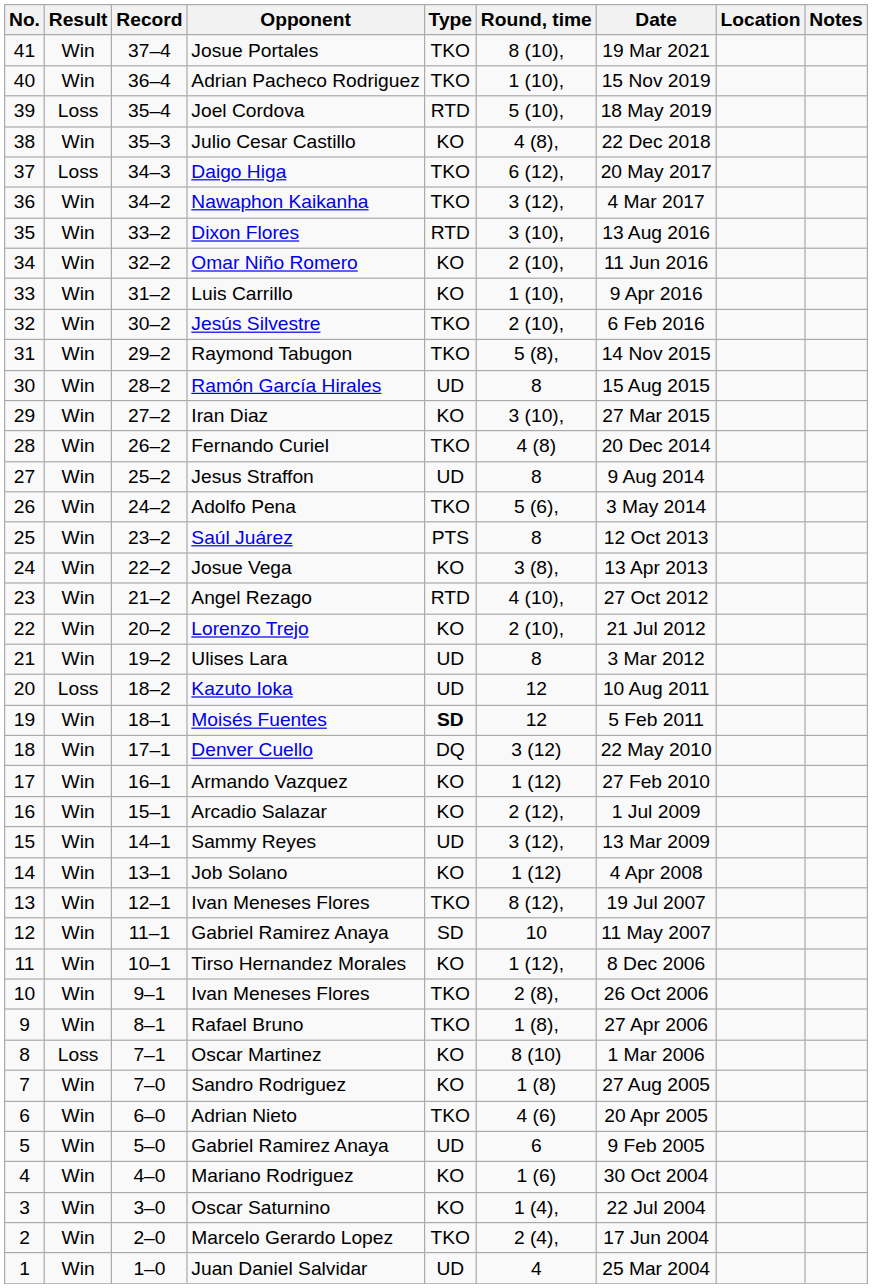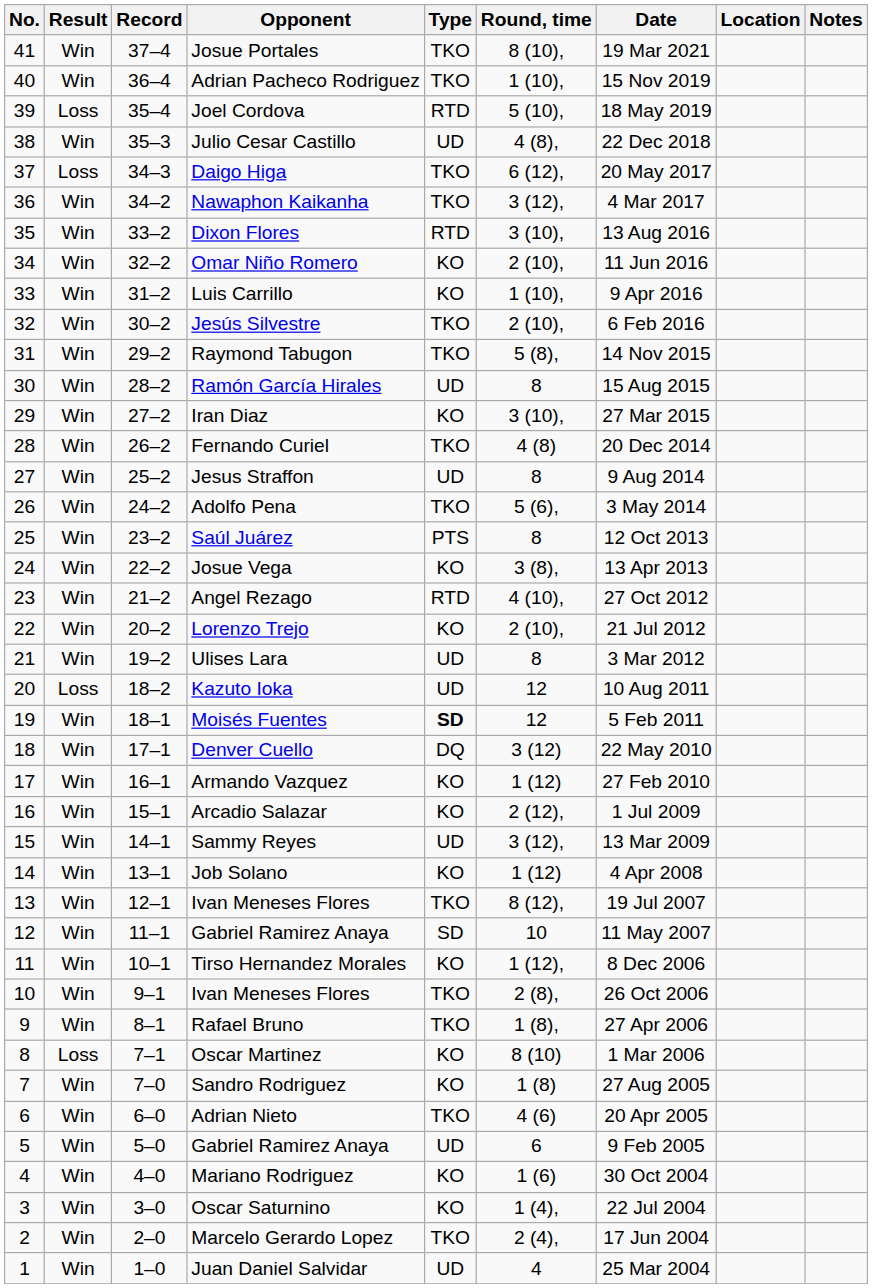 <table class="wikitable" style="text-align:center">
 <tr>
 <th>No.</th>
 <th>Result</th>
 <th>Record</th>
 <th>Opponent</th>
 <th>Type</th>
 <th>Round, time</th>
 <th>Date</th>
 <th>Location</th>
 <th>Notes</th>
 </tr>
 <tr>
 <td>41</td>
 <td>Win</td>
 <td>37–4</td>
 <td align=left>Josue Portales</td>
 <td>TKO</td>
 <td>8 (10), </td>
 <td>19 Mar 2021</td>
 <td align=left></td>
 <td align=left></td>
 </tr>
 <tr>
 <td>40</td>
 <td>Win</td>
 <td>36–4</td>
 <td align=left>Adrian Pacheco Rodriguez</td>
 <td>TKO</td>
 <td>1 (10), </td>
 <td>15 Nov 2019</td>
 <td align=left></td>
 <td align=left></td>
 </tr>
 <tr>
 <td>39</td>
 <td>Loss</td>
 <td>35–4</td>
 <td align=left>Joel Cordova</td>
 <td>RTD</td>
 <td>5 (10), </td>
 <td>18 May 2019</td>
 <td align=left></td>
 <td align=left></td>
 </tr>
 <tr>
 <td>38</td>
 <td>Win</td>
 <td>35–3</td>
 <td align=left>Julio Cesar Castillo</td>
-<td>KO</td>
+<td>UD</td>
 <td>4 (8), </td>
 <td>22 Dec 2018</td>
 <td align=left></td>
 <td align=left></td>
 </tr>
 <tr>
 <td>37</td>
 <td>Loss</td>
 <td>34–3</td>
 <td align=left><a href='#'>Daigo Higa</a></td>
 <td>TKO</td>
 <td>6 (12), </td>
 <td>20 May 2017</td>
 <td align=left></td>
 <td align=left></td>
 </tr>
 <tr>
 <td>36</td>
 <td>Win</td>
 <td>34–2</td>
 <td align=left><a href='#'>Nawaphon Kaikanha</a></td>
 <td>TKO</td>
 <td>3 (12), </td>
 <td>4 Mar 2017</td>
 <td align=left></td>
 <td align=left></td>
 </tr>
 <tr>
 <td>35</td>
 <td>Win</td>
 <td>33–2</td>
 <td align=left><a href='#'>Dixon Flores</a></td>
 <td>RTD</td>
 <td>3 (10), </td>
 <td>13 Aug 2016</td>
 <td align=left></td>
 <td align=left></td>
 </tr>
 <tr>
 <td>34</td>
 <td>Win</td>
 <td>32–2</td>
 <td align=left><a href='#'>Omar Niño Romero</a></td>
 <td>KO</td>
 <td>2 (10), </td>
 <td>11 Jun 2016</td>
 <td align=left></td>
 <td align=left></td>
 </tr>
 <tr>
 <td>33</td>
 <td>Win</td>
 <td>31–2</td>
 <td align=left>Luis Carrillo</td>
 <td>KO</td>
 <td>1 (10), </td>
 <td>9 Apr 2016</td>
 <td align=left></td>
 <td align=left></td>
 </tr>
 <tr>
 <td>32</td>
 <td>Win</td>
 <td>30–2</td>
 <td align=left><a href='#'>Jesús Silvestre</a></td>
 <td>TKO</td>
 <td>2 (10), </td>
 <td>6 Feb 2016</td>
 <td align=left></td>
 <td align=left></td>
 </tr>
 <tr>
 <td>31</td>
 <td>Win</td>
 <td>29–2</td>
 <td align=left>Raymond Tabugon</td>
 <td>TKO</td>
 <td>5 (8), </td>
 <td>14 Nov 2015</td>
 <td align=left></td>
 <td align=left></td>
 </tr>
 <tr>
 <td>30</td>
 <td>Win</td>
 <td>28–2</td>
 <td align=left><a href='#'>Ramón García Hirales</a></td>
 <td>UD</td>
 <td>8</td>
 <td>15 Aug 2015</td>
 <td align=left></td>
 <td align=left></td>
 </tr>
 <tr>
 <td>29</td>
 <td>Win</td>
 <td>27–2</td>
 <td align=left>Iran Diaz</td>
 <td>KO</td>
 <td>3 (10), </td>
 <td>27 Mar 2015</td>
 <td align=left></td>
 <td align=left></td>
 </tr>
 <tr>
 <td>28</td>
 <td>Win</td>
 <td>26–2</td>
 <td align=left>Fernando Curiel</td>
 <td>TKO</td>
 <td>4 (8)</td>
 <td>20 Dec 2014</td>
 <td align=left></td>
 <td align=left></td>
 </tr>
 <tr>
 <td>27</td>
 <td>Win</td>
 <td>25–2</td>
 <td align=left>Jesus Straffon</td>
 <td>UD</td>
 <td>8</td>
 <td>9 Aug 2014</td>
 <td align=left></td>
 <td align=left></td>
 </tr>
 <tr>
 <td>26</td>
 <td>Win</td>
 <td>24–2</td>
 <td align=left>Adolfo Pena</td>
 <td>TKO</td>
 <td>5 (6), </td>
 <td>3 May 2014</td>
 <td align=left></td>
 <td align=left></td>
 </tr>
 <tr>
 <td>25</td>
 <td>Win</td>
 <td>23–2</td>
 <td align=left><a href='#'>Saúl Juárez</a></td>
 <td>PTS</td>
 <td>8</td>
 <td>12 Oct 2013</td>
 <td align=left></td>
 <td align=left></td>
 </tr>
 <tr>
 <td>24</td>
 <td>Win</td>
 <td>22–2</td>
 <td align=left>Josue Vega</td>
 <td>KO</td>
 <td>3 (8), </td>
 <td>13 Apr 2013</td>
 <td align=left></td>
 <td align=left></td>
 </tr>
 <tr>
 <td>23</td>
 <td>Win</td>
 <td>21–2</td>
 <td align=left>Angel Rezago</td>
 <td>RTD</td>
 <td>4 (10), </td>
 <td>27 Oct 2012</td>
 <td align=left></td>
 <td align=left></td>
 </tr>
 <tr>
 <td>22</td>
 <td>Win</td>
 <td>20–2</td>
 <td align=left><a href='#'>Lorenzo Trejo</a></td>
 <td>KO</td>
 <td>2 (10), </td>
 <td>21 Jul 2012</td>
 <td align=left></td>
 <td align=left></td>
 </tr>
 <tr>
 <td>21</td>
 <td>Win</td>
 <td>19–2</td>
 <td align=left>Ulises Lara</td>
 <td>UD</td>
 <td>8</td>
 <td>3 Mar 2012</td>
 <td align=left></td>
 <td align=left></td>
 </tr>
 <tr>
 <td>20</td>
 <td>Loss</td>
 <td>18–2</td>
 <td align=left><a href='#'>Kazuto Ioka</a></td>
 <td>UD</td>
 <td>12</td>
 <td>10 Aug 2011</td>
 <td align=left></td>
 <td align=left></td>
 </tr>
 <tr>
 <td>19</td>
 <td>Win</td>
 <td>18–1</td>
 <td align=left><a href='#'>Moisés Fuentes</a></td>
 <td><strong>SD</strong></td>
 <td>12</td>
 <td>5 Feb 2011</td>
 <td align=left></td>
 <td align=left></td>
 </tr>
 <tr>
 <td>18</td>
 <td>Win</td>
 <td>17–1</td>
 <td align=left><a href='#'>Denver Cuello</a></td>
 <td>DQ</td>
 <td>3 (12)</td>
 <td>22 May 2010</td>
 <td align=left></td>
 <td align=left></td>
 </tr>
 <tr>
 <td>17</td>
 <td>Win</td>
 <td>16–1</td>
 <td align=left>Armando Vazquez</td>
 <td>KO</td>
 <td>1 (12)</td>
 <td>27 Feb 2010</td>
 <td align=left></td>
 <td align=left></td>
 </tr>
 <tr>
 <td>16</td>
 <td>Win</td>
 <td>15–1</td>
 <td align=left>Arcadio Salazar</td>
 <td>KO</td>
 <td>2 (12), </td>
 <td>1 Jul 2009</td>
 <td align=left></td>
 <td align=left></td>
 </tr>
 <tr>
 <td>15</td>
 <td>Win</td>
 <td>14–1</td>
 <td align=left>Sammy Reyes</td>
 <td>UD</td>
 <td>3 (12), </td>
 <td>13 Mar 2009</td>
 <td align=left></td>
 <td align=left></td>
 </tr>
 <tr>
 <td>14</td>
 <td>Win</td>
 <td>13–1</td>
 <td align=left>Job Solano</td>
 <td>KO</td>
 <td>1 (12)</td>
 <td>4 Apr 2008</td>
 <td align=left></td>
 <td align=left></td>
 </tr>
 <tr>
 <td>13</td>
 <td>Win</td>
 <td>12–1</td>
 <td align=left>Ivan Meneses Flores</td>
 <td>TKO</td>
 <td>8 (12), </td>
 <td>19 Jul 2007</td>
 <td align=left></td>
 <td align=left></td>
 </tr>
 <tr>
 <td>12</td>
 <td>Win</td>
 <td>11–1</td>
 <td align=left>Gabriel Ramirez Anaya</td>
 <td>SD</td>
 <td>10</td>
 <td>11 May 2007</td>
 <td align=left></td>
 <td align=left></td>
 </tr>
 <tr>
 <td>11</td>
 <td>Win</td>
 <td>10–1</td>
 <td align=left>Tirso Hernandez Morales</td>
 <td>KO</td>
 <td>1 (12), </td>
 <td>8 Dec 2006</td>
 <td align=left></td>
 <td align=left></td>
 </tr>
 <tr>
 <td>10</td>
 <td>Win</td>
 <td>9–1</td>
 <td align=left>Ivan Meneses Flores</td>
 <td>TKO</td>
 <td>2 (8), </td>
 <td>26 Oct 2006</td>
 <td align=left></td>
 <td align=left></td>
 </tr>
 <tr>
 <td>9</td>
 <td>Win</td>
 <td>8–1</td>
 <td align=left>Rafael Bruno</td>
 <td>TKO</td>
 <td>1 (8), </td>
 <td>27 Apr 2006</td>
 <td align=left></td>
 <td align=left></td>
 </tr>
 <tr>
 <td>8</td>
 <td>Loss</td>
 <td>7–1</td>
 <td align=left>Oscar Martinez</td>
 <td>KO</td>
 <td>8 (10)</td>
 <td>1 Mar 2006</td>
 <td align=left></td>
 <td align=left></td>
 </tr>
 <tr>
 <td>7</td>
 <td>Win</td>
 <td>7–0</td>
 <td align=left>Sandro Rodriguez</td>
 <td>KO</td>
 <td>1 (8)</td>
 <td>27 Aug 2005</td>
 <td align=left></td>
 <td align=left></td>
 </tr>
 <tr>
 <td>6</td>
 <td>Win</td>
 <td>6–0</td>
 <td align=left>Adrian Nieto</td>
 <td>TKO</td>
 <td>4 (6)</td>
 <td>20 Apr 2005</td>
 <td align=left></td>
 <td align=left></td>
 </tr>
 <tr>
 <td>5</td>
 <td>Win</td>
 <td>5–0</td>
 <td align=left>Gabriel Ramirez Anaya</td>
 <td>UD</td>
 <td>6</td>
 <td>9 Feb 2005</td>
 <td align=left></td>
 <td align=left></td>
 </tr>
 <tr>
 <td>4</td>
 <td>Win</td>
 <td>4–0</td>
 <td align=left>Mariano Rodriguez</td>
 <td>KO</td>
 <td>1 (6)</td>
 <td>30 Oct 2004</td>
 <td align=left></td>
 <td align=left></td>
 </tr>
 <tr>
 <td>3</td>
 <td>Win</td>
 <td>3–0</td>
 <td align=left>Oscar Saturnino</td>
 <td>KO</td>
 <td>1 (4), </td>
 <td>22 Jul 2004</td>
 <td align=left></td>
 <td align=left></td>
 </tr>
 <tr>
 <td>2</td>
 <td>Win</td>
 <td>2–0</td>
 <td align=left>Marcelo Gerardo Lopez</td>
 <td>TKO</td>
 <td>2 (4), </td>
 <td>17 Jun 2004</td>
 <td align=left></td>
 <td align=left></td>
 </tr>
 <tr>
 <td>1</td>
 <td>Win</td>
 <td>1–0</td>
 <td align=left>Juan Daniel Salvidar</td>
 <td>UD</td>
 <td>4</td>
 <td>25 Mar 2004</td>
 <td align=left></td>
 <td align=left></td>
 </tr>
 </table>
